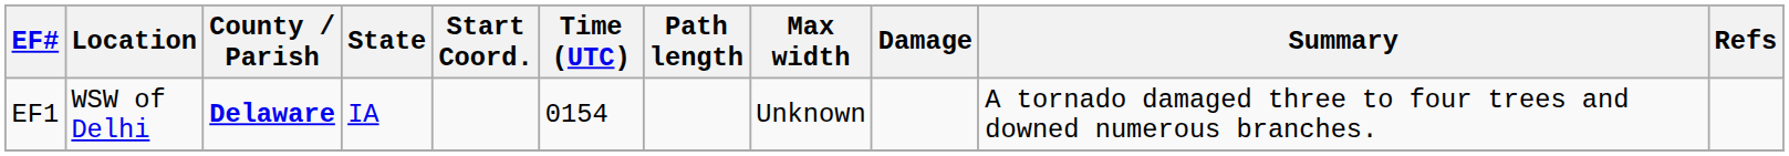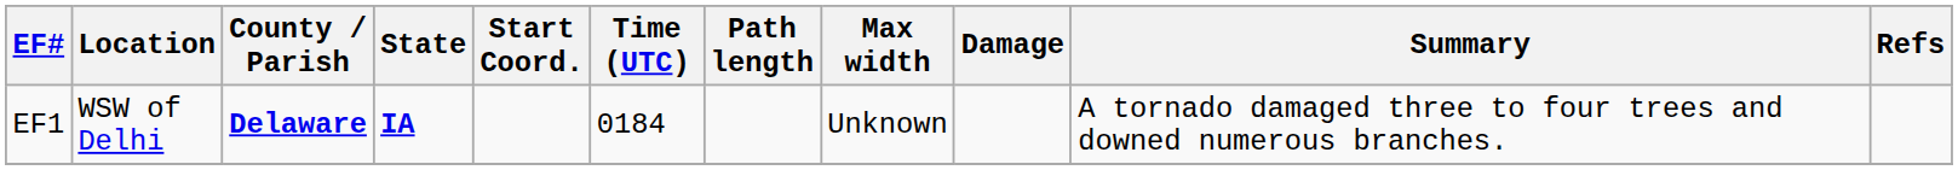 <table class="wikitable sortable" style="width:100%;">
 <tr>
 <th scope="col"  style="width:3%; text-align:center;"><a href='#'>EF#</a></th>
 <th scope="col"  style="width:7%; text-align:center;" class="unsortable">Location</th>
 <th scope="col"  style="width:6%; text-align:center;" class="unsortable">County / Parish</th>
 <th scope="col"  style="width:5%; text-align:center;">State</th>
 <th scope="col"  style="width:6%; text-align:center;">Start Coord.</th>
 <th scope="col"  style="width:6%; text-align:center;">Time (<a href='#'>UTC</a>)</th>
 <th scope="col"  style="width:6%; text-align:center;">Path length</th>
 <th scope="col"  style="width:6%; text-align:center;">Max width</th>
 <th scope="col"  style="width:6%; text-align:center;">Damage</th>
 <th scope="col" class="unsortable" style="width:48%; text-align:center;">Summary</th>
 <th scope="col" class="unsortable" style="width:48%; text-align:center;">Refs</th>
 </tr>
 <tr>
 <td>EF1</td>
 <td>WSW of <a href='#'>Delhi</a></td>
 <td><strong><a href='#'>Delaware</a></strong></td>
-<td><a href='#'>IA</a></td>
+<td><strong><a href='#'>IA</a></strong></td>
 <td></td>
-<td>0154</td>
+<td>0184</td>
 <td></td>
 <td>Unknown</td>
 <td></td>
 <td>A tornado damaged three to four trees and downed numerous branches.</td>
 <td></td>
 </tr>
 <tr>
 </tr>
 </table>
